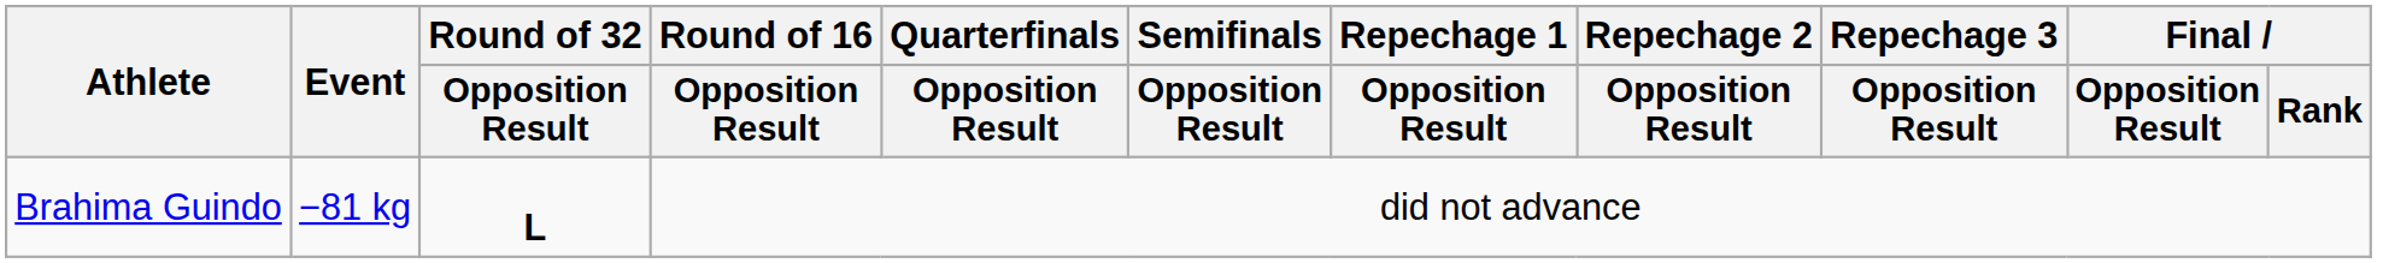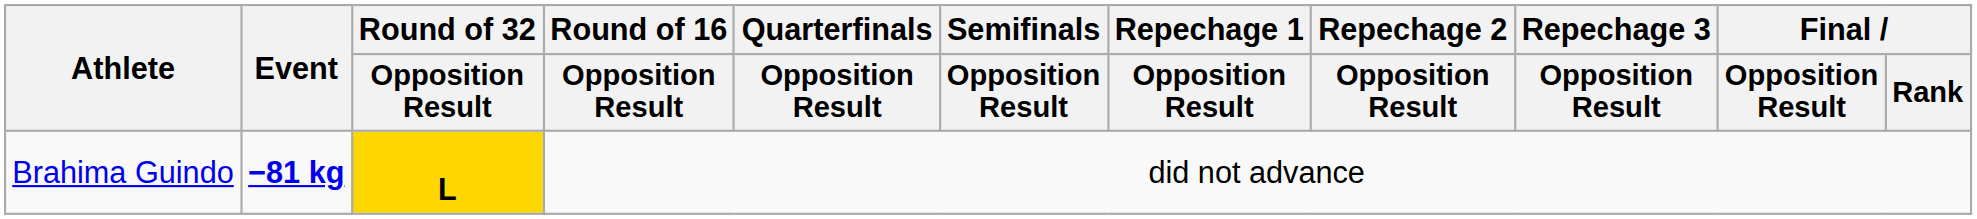 <table class="wikitable" style="font-size:90%">
 <tr>
 <th rowspan="2">Athlete</th>
 <th rowspan="2">Event</th>
 <th>Round of 32</th>
 <th>Round of 16</th>
 <th>Quarterfinals</th>
 <th>Semifinals</th>
 <th>Repechage 1</th>
 <th>Repechage 2</th>
 <th>Repechage 3</th>
 <th colspan=2>Final / </th>
 </tr>
 <tr style="font-size:95%">
 <th>Opposition<br>Result</th>
 <th>Opposition<br>Result</th>
 <th>Opposition<br>Result</th>
 <th>Opposition<br>Result</th>
 <th>Opposition<br>Result</th>
 <th>Opposition<br>Result</th>
 <th>Opposition<br>Result</th>
 <th>Opposition<br>Result</th>
 <th>Rank</th>
 </tr>
 <tr align=center>
 <td align=left><a href='#'>Brahima Guindo</a></td>
-<td align=left><a href='#'>−81 kg</a></td>
-<td><br><strong>L</strong></td>
+<td align=left><strong><a href='#'>−81 kg</a></strong></td>
+<td style="background: gold;"><br><strong>L</strong></td>
 <td colspan=9>did not advance</td>
 </tr>
 </table>
